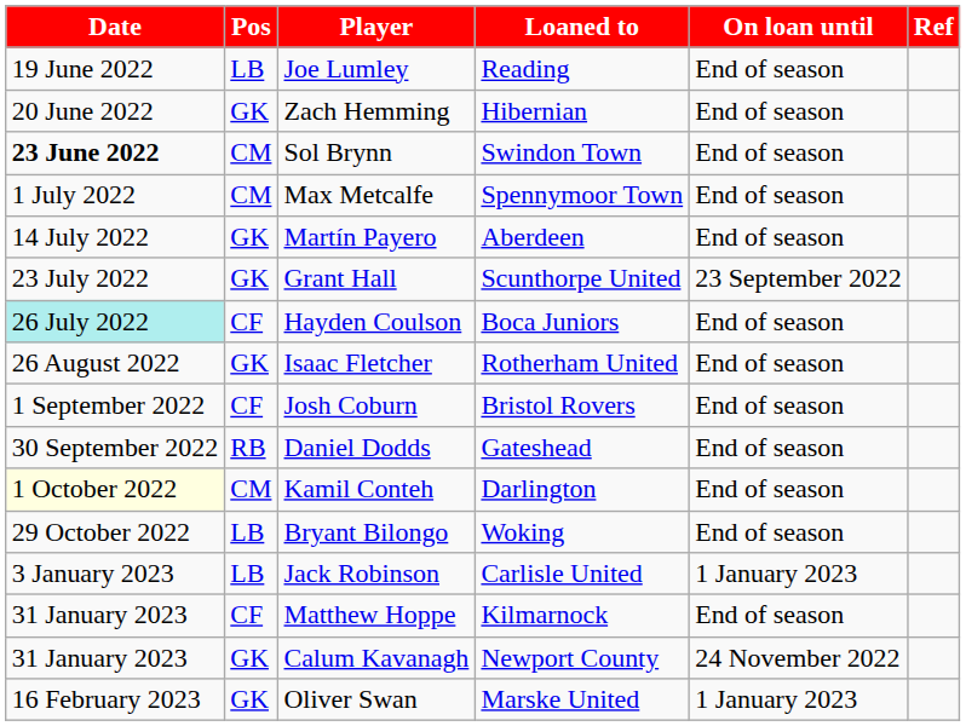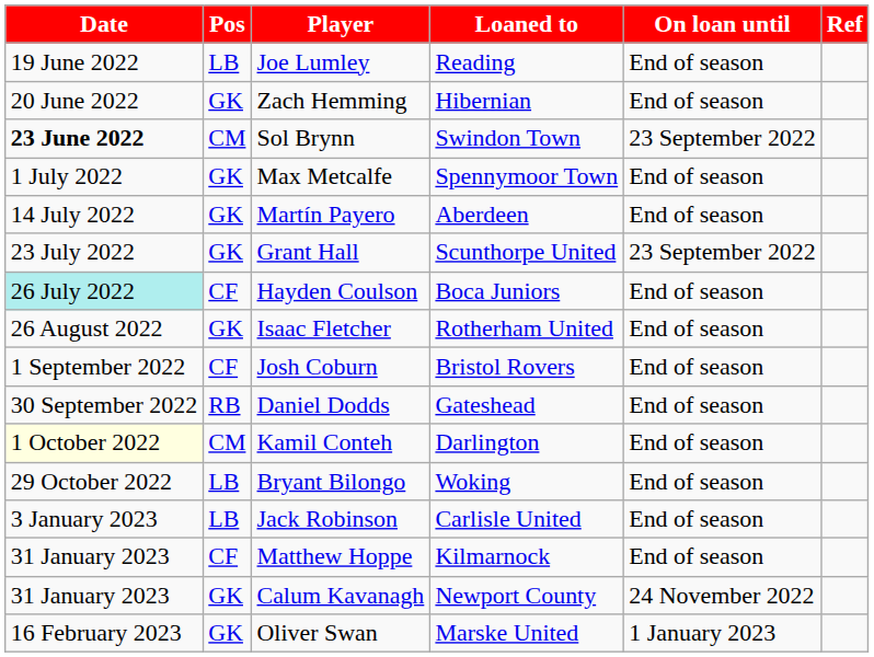 <table class="wikitable plainrowheaders sortable">
 <tr>
 <th style="background:#FF0000; color:#FFFFFF; ">Date</th>
 <th style="background:#FF0000; color:#FFFFFF; ">Pos</th>
 <th style="background:#FF0000; color:#FFFFFF; ">Player</th>
 <th style="background:#FF0000; color:#FFFFFF; ">Loaned to</th>
 <th style="background:#FF0000; color:#FFFFFF; ">On loan until</th>
 <th style="background:#FF0000; color:#FFFFFF; ">Ref</th>
 </tr>
 <tr>
 <td>19 June 2022</td>
 <td><a href='#'>LB</a></td>
 <td> <a href='#'>Joe Lumley</a></td>
 <td> <a href='#'>Reading</a></td>
 <td>End of season</td>
 <td></td>
 </tr>
 <tr>
 <td>20 June 2022</td>
 <td><a href='#'>GK</a></td>
 <td> Zach Hemming</td>
 <td> <a href='#'>Hibernian</a></td>
 <td>End of season</td>
 <td></td>
 </tr>
 <tr>
 <td><strong>23 June 2022</strong></td>
 <td><a href='#'>CM</a></td>
 <td> Sol Brynn</td>
 <td> <a href='#'>Swindon Town</a></td>
-<td>End of season</td>
+<td>23 September 2022</td>
 <td></td>
 </tr>
 <tr>
 <td>1 July 2022</td>
-<td><a href='#'>CM</a></td>
+<td><a href='#'>GK</a></td>
 <td> Max Metcalfe</td>
 <td> <a href='#'>Spennymoor Town</a></td>
 <td>End of season</td>
 <td></td>
 </tr>
 <tr>
 <td>14 July 2022</td>
 <td><a href='#'>GK</a></td>
 <td> <a href='#'>Martín Payero</a></td>
 <td> <a href='#'>Aberdeen</a></td>
 <td>End of season</td>
 <td></td>
 </tr>
 <tr>
 <td>23 July 2022</td>
 <td><a href='#'>GK</a></td>
 <td> <a href='#'>Grant Hall</a></td>
 <td> <a href='#'>Scunthorpe United</a></td>
 <td>23 September 2022</td>
 <td></td>
 </tr>
 <tr>
 <td style="background: paleturquoise;">26 July 2022</td>
 <td><a href='#'>CF</a></td>
 <td> <a href='#'>Hayden Coulson</a></td>
 <td> <a href='#'>Boca Juniors</a></td>
 <td>End of season</td>
 <td></td>
 </tr>
 <tr>
 <td>26 August 2022</td>
 <td><a href='#'>GK</a></td>
 <td> <a href='#'>Isaac Fletcher</a></td>
 <td> <a href='#'>Rotherham United</a></td>
 <td>End of season</td>
 <td></td>
 </tr>
 <tr>
 <td>1 September 2022</td>
 <td><a href='#'>CF</a></td>
 <td> <a href='#'>Josh Coburn</a></td>
 <td> <a href='#'>Bristol Rovers</a></td>
 <td>End of season</td>
 <td></td>
 </tr>
 <tr>
 <td>30 September 2022</td>
 <td><a href='#'>RB</a></td>
 <td> <a href='#'>Daniel Dodds</a></td>
 <td> <a href='#'>Gateshead</a></td>
 <td>End of season</td>
 <td></td>
 </tr>
 <tr>
 <td style="background: lightyellow;">1 October 2022</td>
 <td><a href='#'>CM</a></td>
 <td> <a href='#'>Kamil Conteh</a></td>
 <td> <a href='#'>Darlington</a></td>
 <td>End of season</td>
 <td></td>
 </tr>
 <tr>
 <td>29 October 2022</td>
 <td><a href='#'>LB</a></td>
 <td> <a href='#'>Bryant Bilongo</a></td>
 <td> <a href='#'>Woking</a></td>
 <td>End of season</td>
 <td></td>
 </tr>
 <tr>
 <td>3 January 2023</td>
 <td><a href='#'>LB</a></td>
 <td> <a href='#'>Jack Robinson</a></td>
 <td> <a href='#'>Carlisle United</a></td>
-<td>1 January 2023</td>
+<td>End of season</td>
 <td></td>
 </tr>
 <tr>
 <td>31 January 2023</td>
 <td><a href='#'>CF</a></td>
 <td> <a href='#'>Matthew Hoppe</a></td>
 <td> <a href='#'>Kilmarnock</a></td>
 <td>End of season</td>
 <td></td>
 </tr>
 <tr>
 <td>31 January 2023</td>
 <td><a href='#'>GK</a></td>
 <td> <a href='#'>Calum Kavanagh</a></td>
 <td> <a href='#'>Newport County</a></td>
 <td>24 November 2022</td>
 <td></td>
 </tr>
 <tr>
 <td>16 February 2023</td>
 <td><a href='#'>GK</a></td>
 <td> Oliver Swan</td>
 <td> <a href='#'>Marske United</a></td>
 <td>1 January 2023</td>
 <td></td>
 </tr>
 </table>
